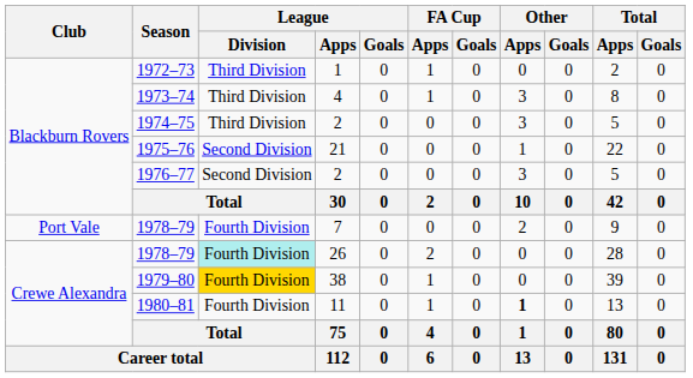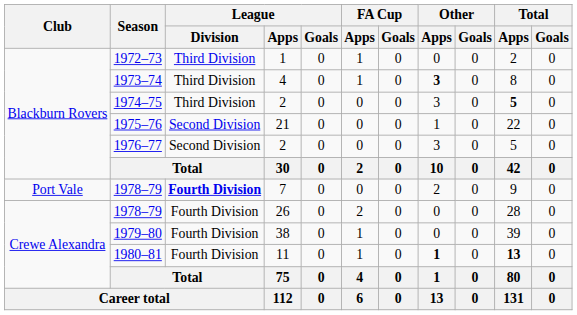 <table class="wikitable" style="text-align: center;">
 <tr>
 <th rowspan="2">Club</th>
 <th rowspan="2">Season</th>
 <th colspan="3">League</th>
 <th colspan="2">FA Cup</th>
 <th colspan="2">Other</th>
 <th colspan="2">Total</th>
 </tr>
 <tr>
 <th>Division</th>
 <th>Apps</th>
 <th>Goals</th>
 <th>Apps</th>
 <th>Goals</th>
 <th>Apps</th>
 <th>Goals</th>
 <th>Apps</th>
 <th>Goals</th>
 </tr>
 <tr>
 <td rowspan="6"><a href='#'>Blackburn Rovers</a></td>
 <td><a href='#'>1972–73</a></td>
 <td><a href='#'>Third Division</a></td>
 <td>1</td>
 <td>0</td>
 <td>1</td>
 <td>0</td>
 <td>0</td>
 <td>0</td>
 <td>2</td>
 <td>0</td>
 </tr>
 <tr>
 <td><a href='#'>1973–74</a></td>
 <td>Third Division</td>
 <td>4</td>
 <td>0</td>
 <td>1</td>
 <td>0</td>
-<td>3</td>
+<td><strong>3</strong></td>
 <td>0</td>
 <td>8</td>
 <td>0</td>
 </tr>
 <tr>
 <td><a href='#'>1974–75</a></td>
 <td>Third Division</td>
 <td>2</td>
 <td>0</td>
 <td>0</td>
 <td>0</td>
 <td>3</td>
 <td>0</td>
-<td>5</td>
+<td><strong>5</strong></td>
 <td>0</td>
 </tr>
 <tr>
 <td><a href='#'>1975–76</a></td>
 <td><a href='#'>Second Division</a></td>
 <td>21</td>
 <td>0</td>
 <td>0</td>
 <td>0</td>
 <td>1</td>
 <td>0</td>
 <td>22</td>
 <td>0</td>
 </tr>
 <tr>
 <td><a href='#'>1976–77</a></td>
 <td>Second Division</td>
 <td>2</td>
 <td>0</td>
 <td>0</td>
 <td>0</td>
 <td>3</td>
 <td>0</td>
 <td>5</td>
 <td>0</td>
 </tr>
 <tr>
 <th colspan="2">Total</th>
 <th>30</th>
 <th>0</th>
 <th>2</th>
 <th>0</th>
 <th>10</th>
 <th>0</th>
 <th>42</th>
 <th>0</th>
 </tr>
 <tr>
 <td><a href='#'>Port Vale</a></td>
 <td><a href='#'>1978–79</a></td>
-<td><a href='#'>Fourth Division</a></td>
+<td><strong><a href='#'>Fourth Division</a></strong></td>
 <td>7</td>
 <td>0</td>
 <td>0</td>
 <td>0</td>
 <td>2</td>
 <td>0</td>
 <td>9</td>
 <td>0</td>
 </tr>
 <tr>
 <td rowspan="4"><a href='#'>Crewe Alexandra</a></td>
 <td><a href='#'>1978–79</a></td>
-<td style="background: paleturquoise;">Fourth Division</td>
+<td>Fourth Division</td>
 <td>26</td>
 <td>0</td>
 <td>2</td>
 <td>0</td>
 <td>0</td>
 <td>0</td>
 <td>28</td>
 <td>0</td>
 </tr>
 <tr>
 <td><a href='#'>1979–80</a></td>
-<td style="background: gold;">Fourth Division</td>
+<td>Fourth Division</td>
 <td>38</td>
 <td>0</td>
 <td>1</td>
 <td>0</td>
 <td>0</td>
 <td>0</td>
 <td>39</td>
 <td>0</td>
 </tr>
 <tr>
 <td><a href='#'>1980–81</a></td>
 <td>Fourth Division</td>
 <td>11</td>
 <td>0</td>
 <td>1</td>
 <td>0</td>
 <td><strong>1</strong></td>
 <td>0</td>
-<td>13</td>
+<td><strong>13</strong></td>
 <td>0</td>
 </tr>
 <tr>
 <th colspan="2">Total</th>
 <th>75</th>
 <th>0</th>
 <th>4</th>
 <th>0</th>
 <th>1</th>
 <th>0</th>
 <th>80</th>
 <th>0</th>
 </tr>
 <tr>
 <th colspan="3">Career total</th>
 <th>112</th>
 <th>0</th>
 <th>6</th>
 <th>0</th>
 <th>13</th>
 <th>0</th>
 <th>131</th>
 <th>0</th>
 </tr>
 </table>
